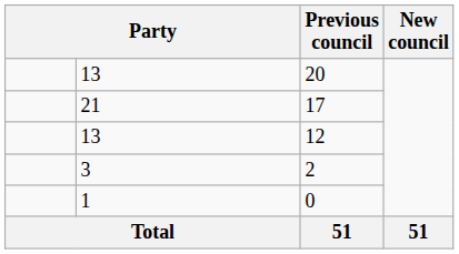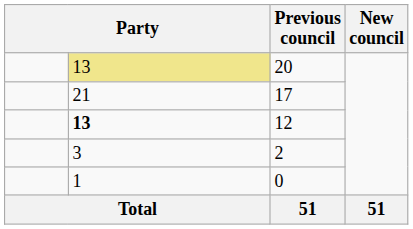 <table class="wikitable">
 <tr>
 <th valign=centre colspan="2" style="width: 230px">Party</th>
 <th valign=top style="width: 30px">Previous council</th>
 <th valign=top style="width: 30px">New council</th>
 </tr>
 <tr>
 <td></td>
-<td>13</td>
+<td style="background: khaki;">13</td>
 <td>20</td>
 </tr>
 <tr>
 <td></td>
 <td>21</td>
 <td>17</td>
 </tr>
 <tr>
 <td></td>
-<td>13</td>
+<td><strong>13</strong></td>
 <td>12</td>
 </tr>
 <tr>
 <td></td>
 <td>3</td>
 <td>2</td>
 </tr>
 <tr>
 <td></td>
 <td>1</td>
 <td>0</td>
 </tr>
 <tr>
 <th colspan=2>Total</th>
 <th style="text-align: center">51</th>
 <th colspan=3>51</th>
 </tr>
 </table>
